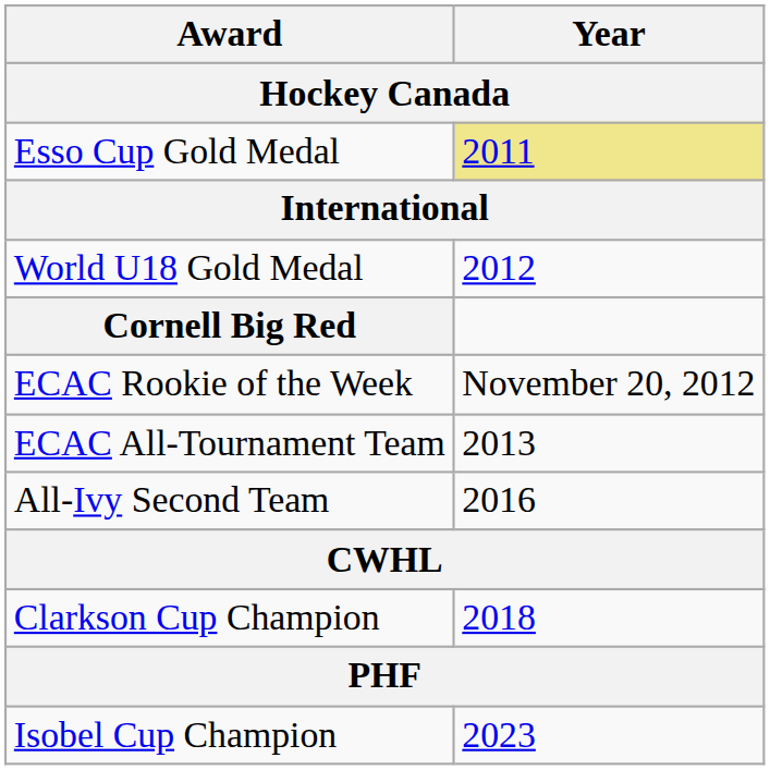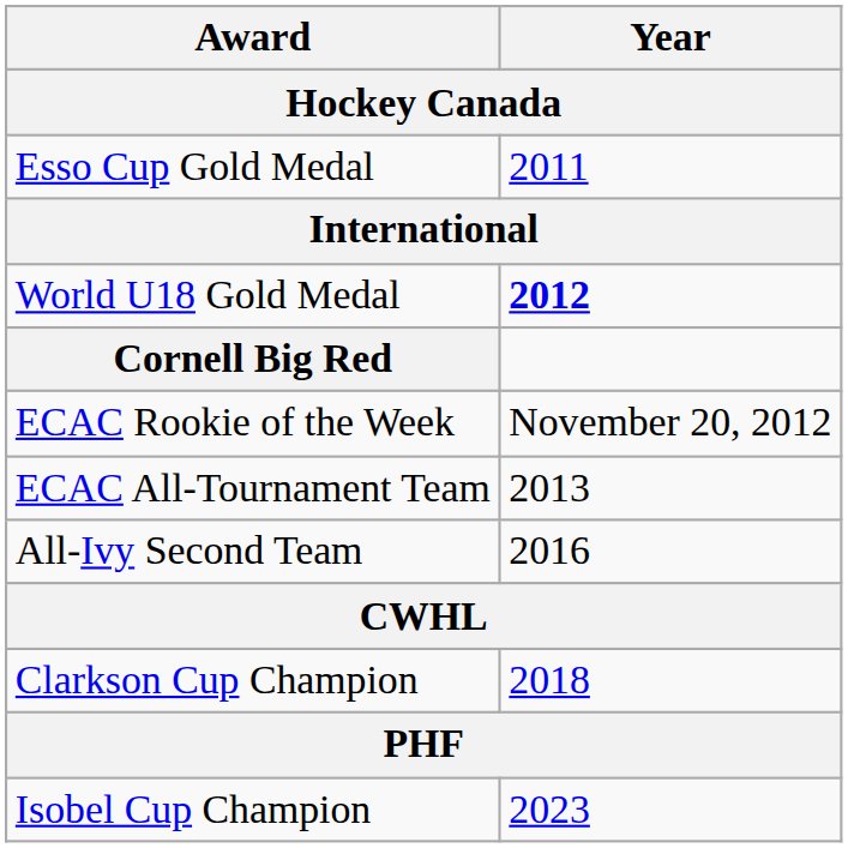 <table class="wikitable">
 <tr>
 <th>Award</th>
 <th>Year</th>
 </tr>
 <tr>
 <th colspan="2">Hockey Canada</th>
 </tr>
 <tr>
 <td><a href='#'>Esso Cup</a> Gold Medal</td>
-<td style="background: khaki;"><a href='#'>2011</a></td>
+<td><a href='#'>2011</a></td>
 </tr>
 <tr>
 <th colspan="2">International</th>
 </tr>
 <tr>
 <td><a href='#'>World U18</a> Gold Medal</td>
-<td><a href='#'>2012</a></td>
+<td><strong><a href='#'>2012</a></strong></td>
 </tr>
 <tr>
 <th>Cornell Big Red</th>
 </tr>
 <tr>
 <td><a href='#'>ECAC</a> Rookie of the Week</td>
 <td>November 20, 2012</td>
 </tr>
 <tr>
 <td><a href='#'>ECAC</a> All-Tournament Team</td>
 <td>2013</td>
 </tr>
 <tr>
 <td>All-<a href='#'>Ivy</a> Second Team</td>
 <td>2016</td>
 </tr>
 <tr>
 <th colspan="2">CWHL</th>
 </tr>
 <tr>
 <td><a href='#'>Clarkson Cup</a> Champion</td>
 <td><a href='#'>2018</a></td>
 </tr>
 <tr>
 <th colspan="2">PHF</th>
 </tr>
 <tr>
 <td><a href='#'>Isobel Cup</a> Champion</td>
 <td><a href='#'>2023</a></td>
 </tr>
 </table>
